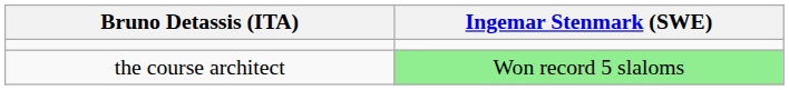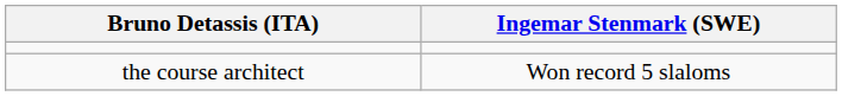 <table class="wikitable" style="text-align:center; width:45%; border:1px #AAAAFF solid">
 <tr>
 <th>Bruno Detassis (ITA)</th>
 <th><a href='#'>Ingemar Stenmark</a> (SWE)</th>
 </tr>
 <tr>
 <td width=200></td>
 <td width=200></td>
 </tr>
 <tr>
 <td>the course architect</td>
-<td style="background: lightgreen;">Won record 5 slaloms</td>
+<td>Won record 5 slaloms</td>
 </tr>
 </table>
